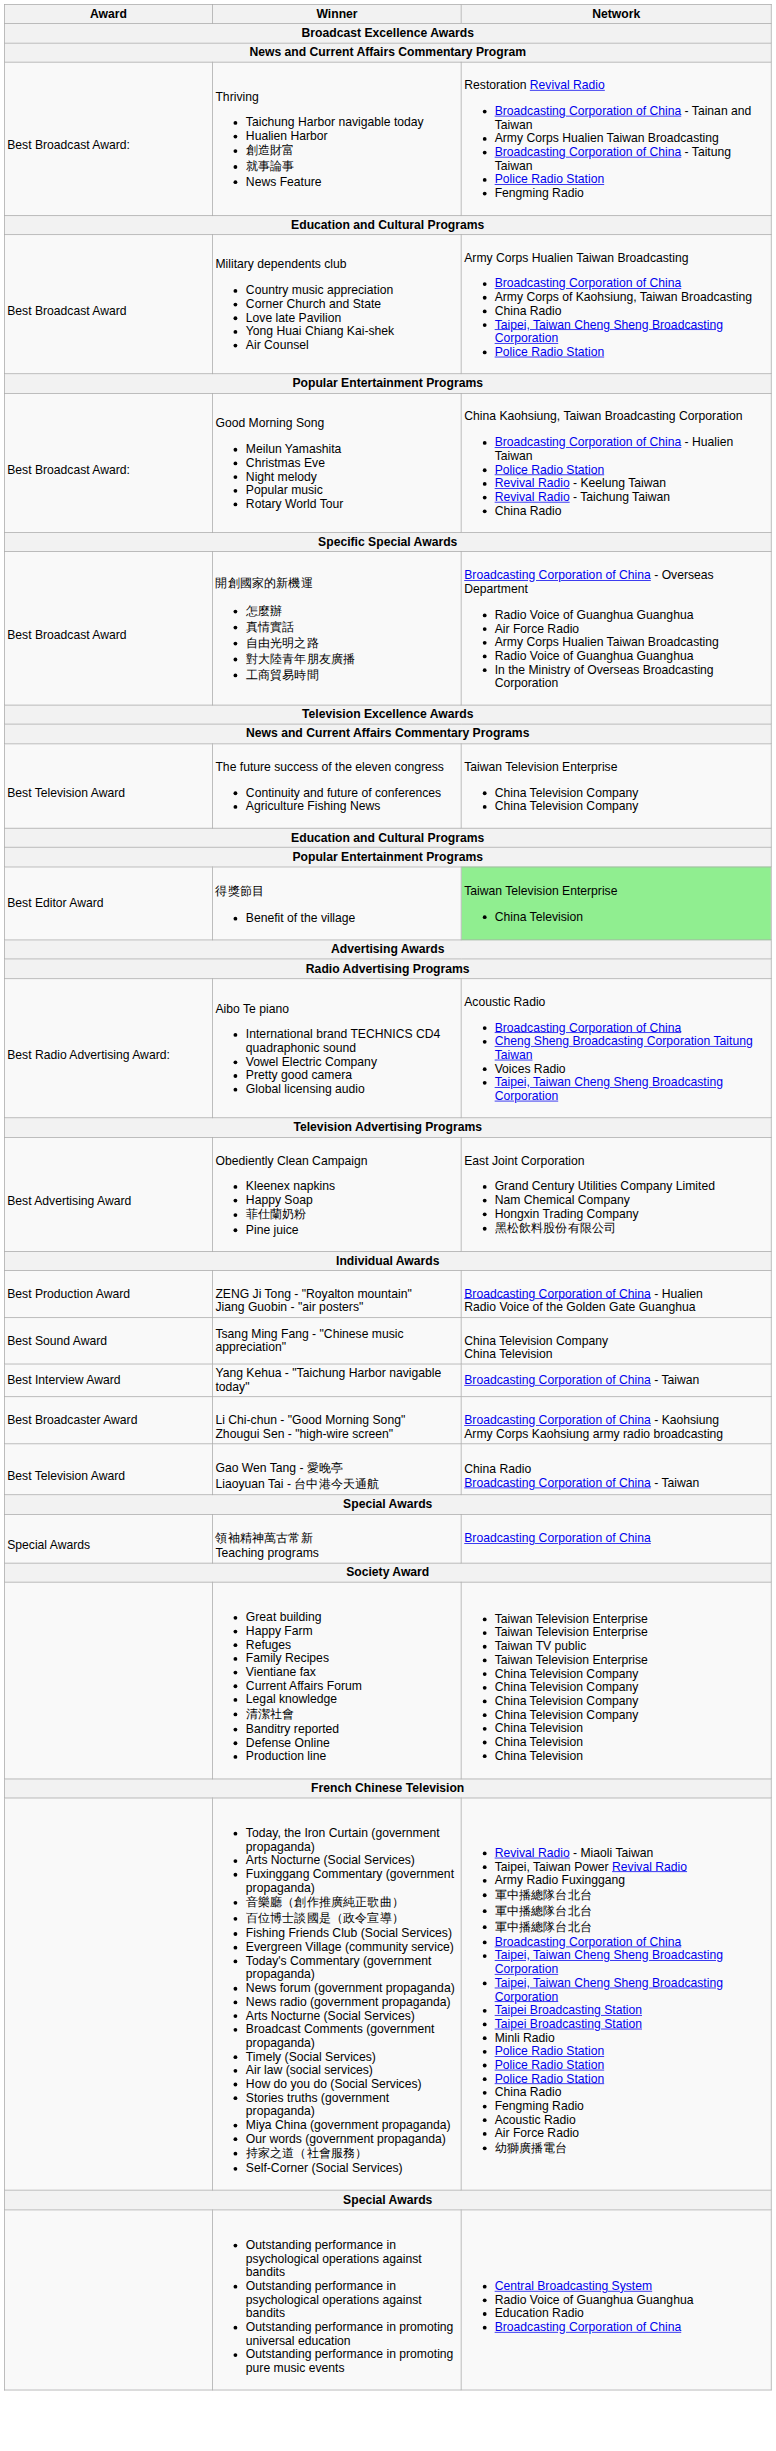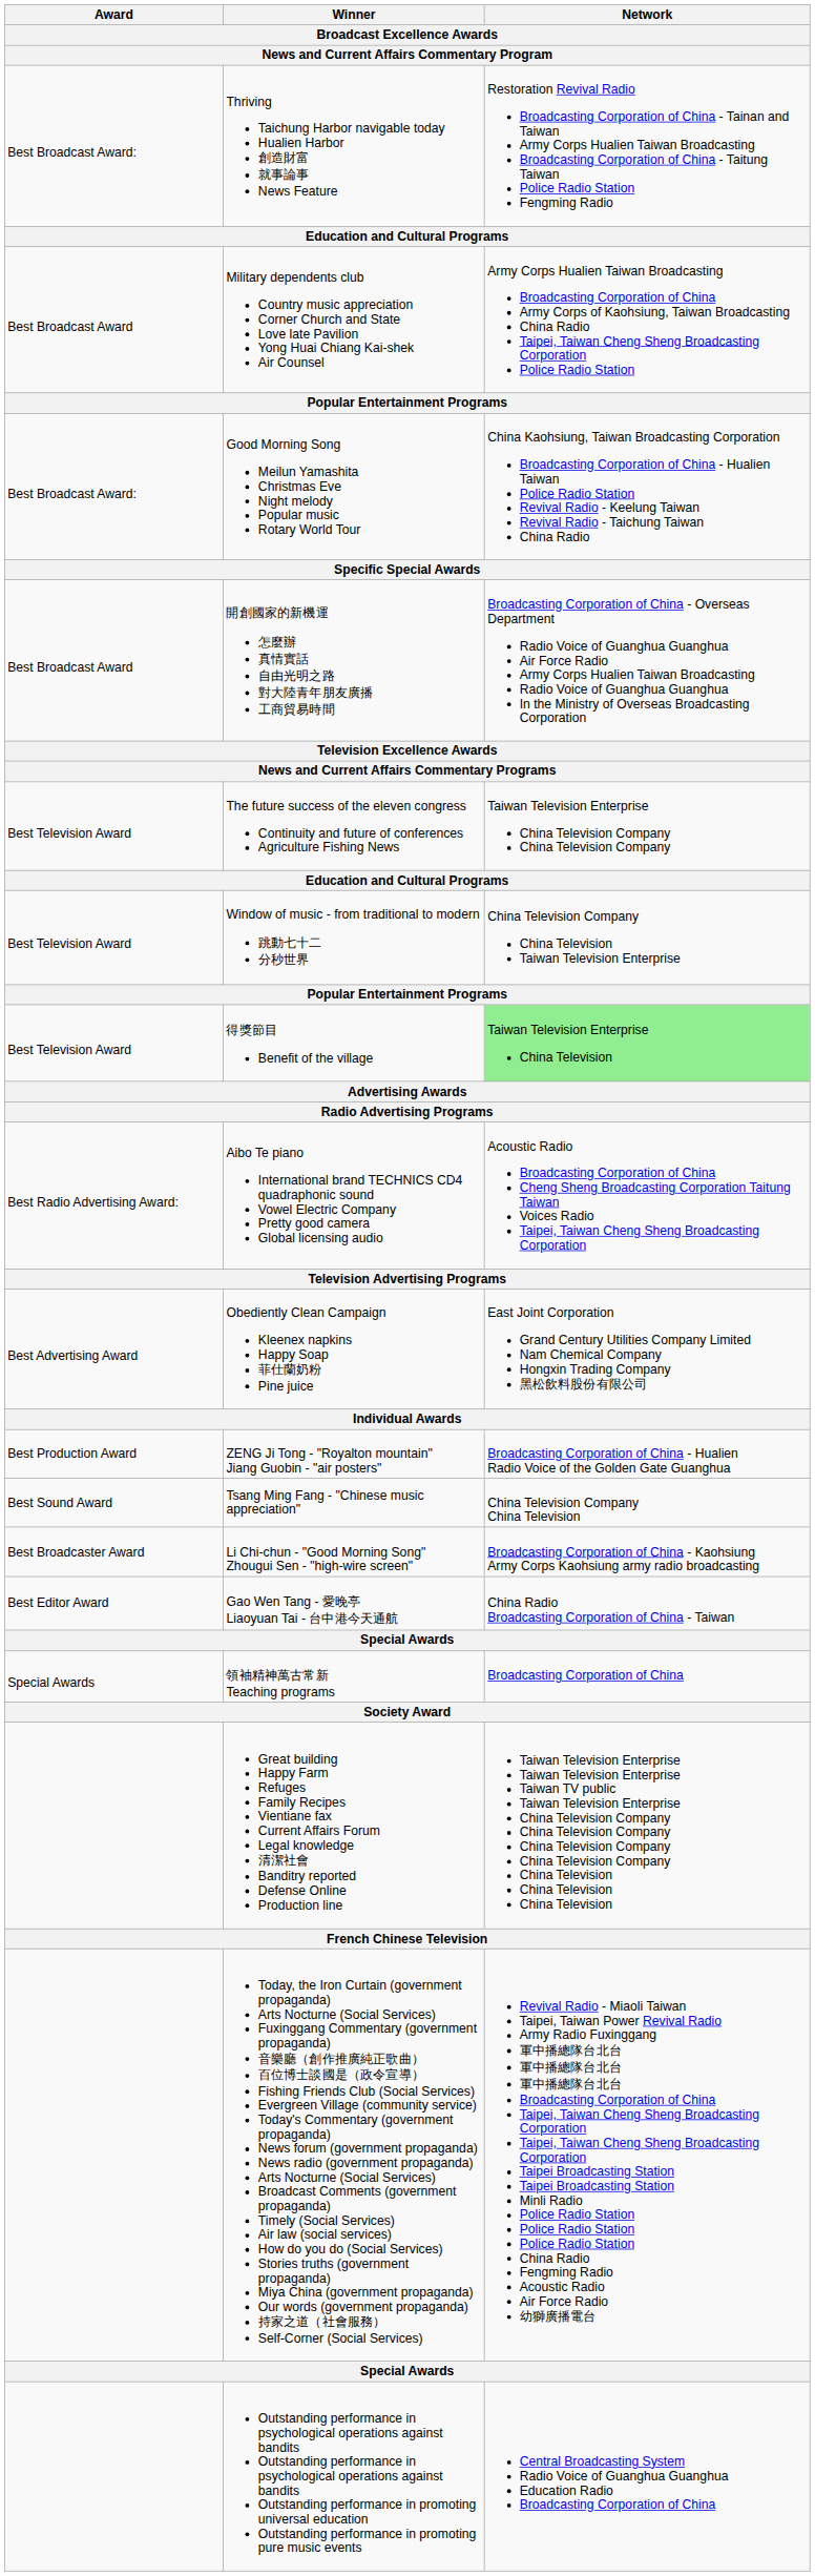 <table class="wikitable">
 <tr>
 <th style="width:200pt;">Award</th>
 <th style="width:240pt;">Winner</th>
 <th style="width:300pt;">Network</th>
 </tr>
 <tr>
 <th colspan=3 style="text-align:center" style="background:#99CCFF;">Broadcast Excellence Awards</th>
 </tr>
 <tr>
 <th colspan=3 style="text-align:center" style="background: LightSteelBlue;">News and Current Affairs Commentary Program</th>
 </tr>
 <tr>
 <td><br>Best Broadcast Award:</td>
 <td><br>Thriving<ul><li>Taichung Harbor navigable today</li><li>Hualien Harbor</li><li>創造財富</li><li>就事論事</li><li>News Feature</li></ul></td>
 <td><br>Restoration <a href='#'>Revival Radio</a><ul><li><a href='#'>Broadcasting Corporation of China</a> - Tainan and Taiwan</li><li>Army Corps Hualien Taiwan Broadcasting</li><li><a href='#'>Broadcasting Corporation of China</a> - Taitung Taiwan</li><li><a href='#'>Police Radio Station</a></li><li>Fengming Radio</li></ul></td>
 </tr>
 <tr>
 <th colspan=3 style="text-align:center" style="background: LightSteelBlue;">Education and Cultural Programs</th>
 </tr>
 <tr>
 <td><br>Best Broadcast Award</td>
 <td><br>Military dependents club<ul><li>Country music appreciation</li><li>Corner Church and State</li><li>Love late Pavilion</li><li>Yong Huai Chiang Kai-shek</li><li>Air Counsel</li></ul></td>
 <td><br>Army Corps Hualien Taiwan Broadcasting<ul><li><a href='#'>Broadcasting Corporation of China</a></li><li>Army Corps of Kaohsiung, Taiwan Broadcasting</li><li>China Radio</li><li><a href='#'>Taipei, Taiwan Cheng Sheng Broadcasting Corporation</a></li><li><a href='#'>Police Radio Station</a></li></ul></td>
 </tr>
 <tr>
 <th colspan=3 style="text-align:center" style="background: LightSteelBlue;">Popular Entertainment Programs</th>
 </tr>
 <tr>
 <td><br>Best Broadcast Award:</td>
 <td><br>Good Morning Song<ul><li>Meilun Yamashita</li><li>Christmas Eve</li><li>Night melody</li><li>Popular music</li><li>Rotary World Tour</li></ul></td>
 <td><br>China Kaohsiung, Taiwan Broadcasting Corporation<ul><li><a href='#'>Broadcasting Corporation of China</a> - Hualien Taiwan</li><li><a href='#'>Police Radio Station</a></li><li><a href='#'>Revival Radio</a> - Keelung Taiwan</li><li><a href='#'>Revival Radio</a> - Taichung Taiwan</li><li>China Radio</li></ul></td>
 </tr>
 <tr>
 <th colspan=3 style="text-align:center" style="background: LightSteelBlue;">Specific Special Awards</th>
 </tr>
 <tr>
 <td><br>Best Broadcast Award</td>
 <td><br>開創國家的新機運<ul><li>怎麼辦</li><li>真情實話</li><li>自由光明之路</li><li>對大陸青年朋友廣播</li><li>工商貿易時間</li></ul></td>
 <td><br><a href='#'>Broadcasting Corporation of China</a> - Overseas Department<ul><li>Radio Voice of Guanghua Guanghua</li><li>Air Force Radio</li><li>Army Corps Hualien Taiwan Broadcasting</li><li>Radio Voice of Guanghua Guanghua</li><li>In the Ministry of Overseas Broadcasting Corporation</li></ul></td>
 </tr>
 <tr>
 <th colspan=3 style="text-align:center" style="background:#99CCFF;">Television Excellence Awards</th>
 </tr>
 <tr>
 <th colspan=3 style="text-align:center" style="background: LightSteelBlue;">News and Current Affairs Commentary Programs</th>
 </tr>
 <tr>
 <td><br>Best Television Award</td>
 <td><br>The future success of the eleven congress<ul><li>Continuity and future of conferences</li><li>Agriculture Fishing News</li></ul></td>
 <td><br>Taiwan Television Enterprise<ul><li>China Television Company</li><li>China Television Company</li></ul></td>
 </tr>
 <tr>
 <th colspan=3 style="text-align:center" style="background: LightSteelBlue;">Education and Cultural Programs</th>
 </tr>
 <tr>
+<td><br>Best Television Award</td>
+<td><br>Window of music - from traditional to modern<ul><li>跳動七十二</li><li>分秒世界</li></ul></td>
+<td><br>China Television Company<ul><li>China Television</li><li>Taiwan Television Enterprise</li></ul></td>
+</tr>
+<tr>
 <th colspan=3 style="text-align:center" style="background: LightSteelBlue;">Popular Entertainment Programs</th>
 </tr>
 <tr>
-<td>Best Editor Award</td>
+<td><br>Best Television Award</td>
 <td><br>得獎節目<ul><li>Benefit of the village</li></ul></td>
 <td style="background: lightgreen;"><br>Taiwan Television Enterprise<ul><li>China Television</li></ul></td>
 </tr>
 <tr>
 <th colspan=3 style="text-align:center" style="background: #99CCFF;">Advertising Awards</th>
 </tr>
 <tr>
 <th colspan=3 style="text-align:center" style="background: LightSteelBlue;">Radio Advertising Programs</th>
 </tr>
 <tr>
 <td><br>Best Radio Advertising Award:</td>
 <td><br>Aibo Te piano<ul><li>International brand TECHNICS CD4 quadraphonic sound</li><li>Vowel Electric Company</li><li>Pretty good camera</li><li>Global licensing audio</li></ul></td>
 <td><br>Acoustic Radio<ul><li><a href='#'>Broadcasting Corporation of China</a></li><li><a href='#'>Cheng Sheng Broadcasting Corporation Taitung Taiwan</a></li><li>Voices Radio</li><li><a href='#'>Taipei, Taiwan Cheng Sheng Broadcasting Corporation</a></li></ul></td>
 </tr>
 <tr>
 <th colspan=3 style="text-align:center" style="background: LightSteelBlue;">Television Advertising Programs</th>
 </tr>
 <tr>
 <td><br>Best Advertising Award</td>
 <td><br>Obediently Clean Campaign<ul><li>Kleenex napkins</li><li>Happy Soap</li><li>菲仕蘭奶粉</li><li>Pine juice</li></ul></td>
 <td><br>East Joint Corporation<ul><li>Grand Century Utilities Company Limited</li><li>Nam Chemical Company</li><li>Hongxin Trading Company</li><li>黑松飲料股份有限公司</li></ul></td>
 </tr>
 <tr>
 <th colspan=3 style="text-align:center" style="background: #99CCFF;">Individual Awards</th>
 </tr>
 <tr>
 <td>Best Production Award</td>
 <td><br>ZENG Ji Tong - "Royalton mountain" <br>Jiang Guobin - "air posters"</td>
 <td><br><a href='#'>Broadcasting Corporation of China</a> - Hualien <br>Radio Voice of the Golden Gate Guanghua</td>
 </tr>
 <tr>
 <td>Best Sound Award</td>
 <td>Tsang Ming Fang - "Chinese music appreciation"</td>
 <td><br>China Television Company <br>China Television</td>
 </tr>
 <tr>
-<td>Best Interview Award</td>
-<td>Yang Kehua - "Taichung Harbor navigable today"</td>
-<td><a href='#'>Broadcasting Corporation of China</a> - Taiwan</td>
-</tr>
-<tr>
 <td>Best Broadcaster Award</td>
 <td><br>Li Chi-chun - "Good Morning Song" <br>Zhougui Sen - "high-wire screen"</td>
 <td><br><a href='#'>Broadcasting Corporation of China</a> - Kaohsiung <br>Army Corps Kaohsiung army radio broadcasting</td>
 </tr>
 <tr>
-<td><br>Best Television Award</td>
+<td>Best Editor Award</td>
 <td><br>Gao Wen Tang - 愛晚亭 <br>Liaoyuan Tai - 台中港今天通航</td>
 <td><br>China Radio <br><a href='#'>Broadcasting Corporation of China</a> - Taiwan</td>
 </tr>
 <tr>
 <th colspan=3 style="text-align:center" style="background: #99CCFF;">Special Awards</th>
 </tr>
 <tr>
 <td><br>Special Awards</td>
 <td><br>領袖精神萬古常新 <br>Teaching programs</td>
 <td><a href='#'>Broadcasting Corporation of China</a></td>
 </tr>
 <tr>
 <th colspan=3 style="text-align:center" style="background: #99CCFF;">Society Award</th>
 </tr>
 <tr>
 <td><br></td>
 <td><br><ul><li>Great building</li><li>Happy Farm</li><li>Refuges</li><li>Family Recipes</li><li>Vientiane fax</li><li>Current Affairs Forum</li><li>Legal knowledge</li><li>清潔社會</li><li>Banditry reported</li><li>Defense Online</li><li>Production line</li></ul></td>
 <td><br><ul><li>Taiwan Television Enterprise</li><li>Taiwan Television Enterprise</li><li>Taiwan TV public</li><li>Taiwan Television Enterprise</li><li>China Television Company</li><li>China Television Company</li><li>China Television Company</li><li>China Television Company</li><li>China Television</li><li>China Television</li><li>China Television</li></ul></td>
 </tr>
 <tr>
 <th colspan=3 style="text-align:center" style="background: #99CCFF;">French Chinese Television</th>
 </tr>
 <tr>
 <td><br></td>
 <td><br><ul><li>Today, the Iron Curtain (government propaganda)</li><li>Arts Nocturne (Social Services)</li><li>Fuxinggang Commentary (government propaganda)</li><li>音樂廳（創作推廣純正歌曲）</li><li>百位博士談國是（政令宣導）</li><li>Fishing Friends Club (Social Services)</li><li>Evergreen Village (community service)</li><li>Today's Commentary (government propaganda)</li><li>News forum (government propaganda)</li><li>News radio (government propaganda)</li><li>Arts Nocturne (Social Services)</li><li>Broadcast Comments (government propaganda)</li><li>Timely (Social Services)</li><li>Air law (social services)</li><li>How do you do (Social Services)</li><li>Stories truths (government propaganda)</li><li>Miya China (government propaganda)</li><li>Our words (government propaganda)</li><li>持家之道（社會服務）</li><li>Self-Corner (Social Services)</li></ul></td>
 <td><br><ul><li><a href='#'>Revival Radio</a> - Miaoli Taiwan</li><li>Taipei, Taiwan Power <a href='#'>Revival Radio</a></li><li>Army Radio Fuxinggang</li><li>軍中播總隊台北台</li><li>軍中播總隊台北台</li><li>軍中播總隊台北台</li><li><a href='#'>Broadcasting Corporation of China</a></li><li><a href='#'>Taipei, Taiwan Cheng Sheng Broadcasting Corporation</a></li><li><a href='#'>Taipei, Taiwan Cheng Sheng Broadcasting Corporation</a></li><li><a href='#'>Taipei Broadcasting Station</a></li><li><a href='#'>Taipei Broadcasting Station</a></li><li>Minli Radio</li><li><a href='#'>Police Radio Station</a></li><li><a href='#'>Police Radio Station</a></li><li><a href='#'>Police Radio Station</a></li><li>China Radio</li><li>Fengming Radio</li><li>Acoustic Radio</li><li>Air Force Radio</li><li>幼獅廣播電台</li></ul></td>
 </tr>
 <tr>
 <th colspan=3 style="text-align:center" style="background: LightSteelBlue;">Special Awards</th>
 </tr>
 <tr>
 <td><br></td>
 <td><br><ul><li>Outstanding performance in psychological operations against bandits</li><li>Outstanding performance in psychological operations against bandits</li><li>Outstanding performance in promoting universal education</li><li>Outstanding performance in promoting pure music events</li></ul></td>
 <td><br><ul><li><a href='#'>Central Broadcasting System</a></li><li>Radio Voice of Guanghua Guanghua</li><li>Education Radio</li><li><a href='#'>Broadcasting Corporation of China</a></li></ul></td>
 </tr>
 </table>
